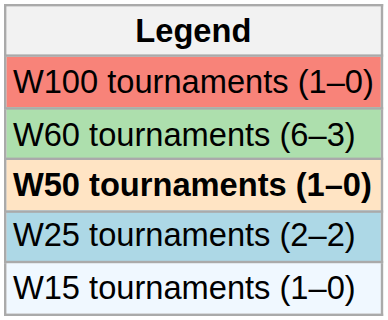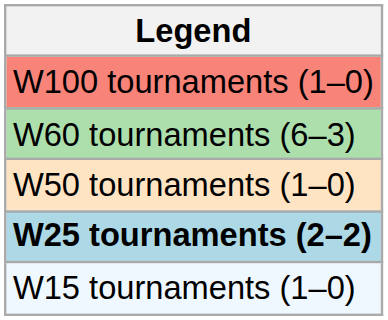 <table class=wikitable style="font-size:85%">
 <tr>
 <th>Legend</th>
 </tr>
 <tr style="background:#f88379;">
 <td>W100 tournaments (1–0)</td>
 </tr>
 <tr style="background:#addfad;">
 <td>W60 tournaments (6–3)</td>
 </tr>
 <tr style="background:#ffe4c4;">
-<td><strong>W50 tournaments (1–0)</strong></td>
+<td>W50 tournaments (1–0)</td>
 </tr>
 <tr style="background:lightblue;">
-<td>W25 tournaments (2–2)</td>
+<td><strong>W25 tournaments (2–2)</strong></td>
 </tr>
 <tr style="background:#f0f8ff;">
 <td>W15 tournaments (1–0)</td>
 </tr>
 </table>
